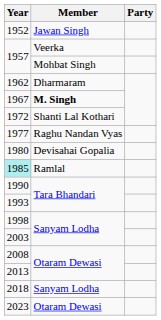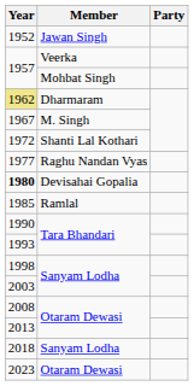 <table class="wikitable sortable">
 <tr>
 <th>Year</th>
 <th>Member</th>
 <th colspan=2>Party</th>
 </tr>
 <tr>
 <td>1952</td>
 <td><a href='#'>Jawan Singh</a></td>
 <td></td>
 </tr>
 <tr>
 <td rowspan=2>1957</td>
 <td>Veerka</td>
 </tr>
 <tr>
 <td>Mohbat Singh</td>
 <td></td>
 </tr>
 <tr>
-<td>1962</td>
+<td style="background: khaki;">1962</td>
 <td>Dharmaram</td>
 </tr>
 <tr>
 <td>1967</td>
-<td><strong>M. Singh</strong></td>
+<td>M. Singh</td>
 </tr>
 <tr>
 <td>1972</td>
 <td>Shanti Lal Kothari</td>
 </tr>
 <tr>
 <td>1977</td>
 <td>Raghu Nandan Vyas</td>
 <td></td>
 </tr>
 <tr>
-<td>1980</td>
+<td><strong>1980</strong></td>
 <td>Devisahai Gopalia</td>
 <td></td>
 </tr>
 <tr>
-<td style="background: paleturquoise;">1985</td>
+<td>1985</td>
 <td>Ramlal</td>
 </tr>
 <tr>
 <td>1990</td>
 <td rowspan=2><a href='#'>Tara Bhandari</a></td>
 <td></td>
 </tr>
 <tr>
 <td>1993</td>
 </tr>
 <tr>
 <td>1998</td>
 <td rowspan=2><a href='#'>Sanyam Lodha</a></td>
 <td></td>
 </tr>
 <tr>
 <td>2003</td>
 </tr>
 <tr>
 <td>2008</td>
 <td rowspan=2><a href='#'>Otaram Dewasi</a></td>
 <td></td>
 </tr>
 <tr>
 <td>2013</td>
 </tr>
 <tr>
 <td>2018</td>
 <td><a href='#'>Sanyam Lodha</a></td>
 <td></td>
 </tr>
 <tr>
 <td>2023</td>
 <td><a href='#'>Otaram Dewasi</a></td>
 <td></td>
 </tr>
 </table>
